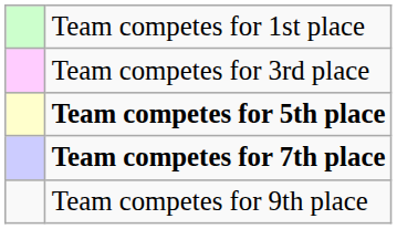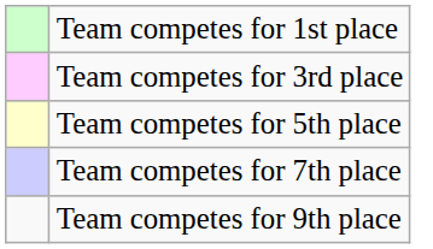 <table class="wikitable">
 <tr>
 <td style="background:#cfc">    </td>
 <td>Team competes for 1st place</td>
 </tr>
 <tr>
 <td style="background:#ffccff">    </td>
 <td>Team competes for 3rd place</td>
 </tr>
 <tr>
 <td style="background:#ffc">    </td>
-<td><strong>Team competes for 5th place</strong></td>
+<td>Team competes for 5th place</td>
 </tr>
 <tr>
 <td bgcolor=ccccff>    </td>
-<td><strong>Team competes for 7th place</strong></td>
+<td>Team competes for 7th place</td>
 </tr>
 <tr>
 <td>    </td>
 <td>Team competes for 9th place</td>
 </tr>
 </table>
